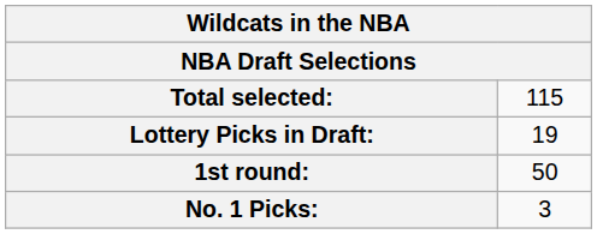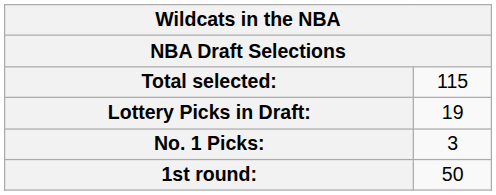 <table class="wikitable" style="width: 25em; text-align: right; font-size: 100%;">
 <tr>
 <th colspan="2">Wildcats in the NBA</th>
 </tr>
 <tr>
 <th colspan="2">NBA Draft Selections</th>
 </tr>
 <tr>
 <th>Total selected:</th>
 <td align=center>115</td>
 </tr>
 <tr>
 <th>Lottery Picks in Draft:</th>
 <td align=center>19</td>
 </tr>
 <tr>
+<th>No. 1 Picks:</th>
+<td align=center>3</td>
+</tr>
+<tr>
 <th>1st round:</th>
 <td align=center>50</td>
 </tr>
-<tr>
-<th>No. 1 Picks:</th>
-<td align=center>3</td>
-</tr>
 </table>
